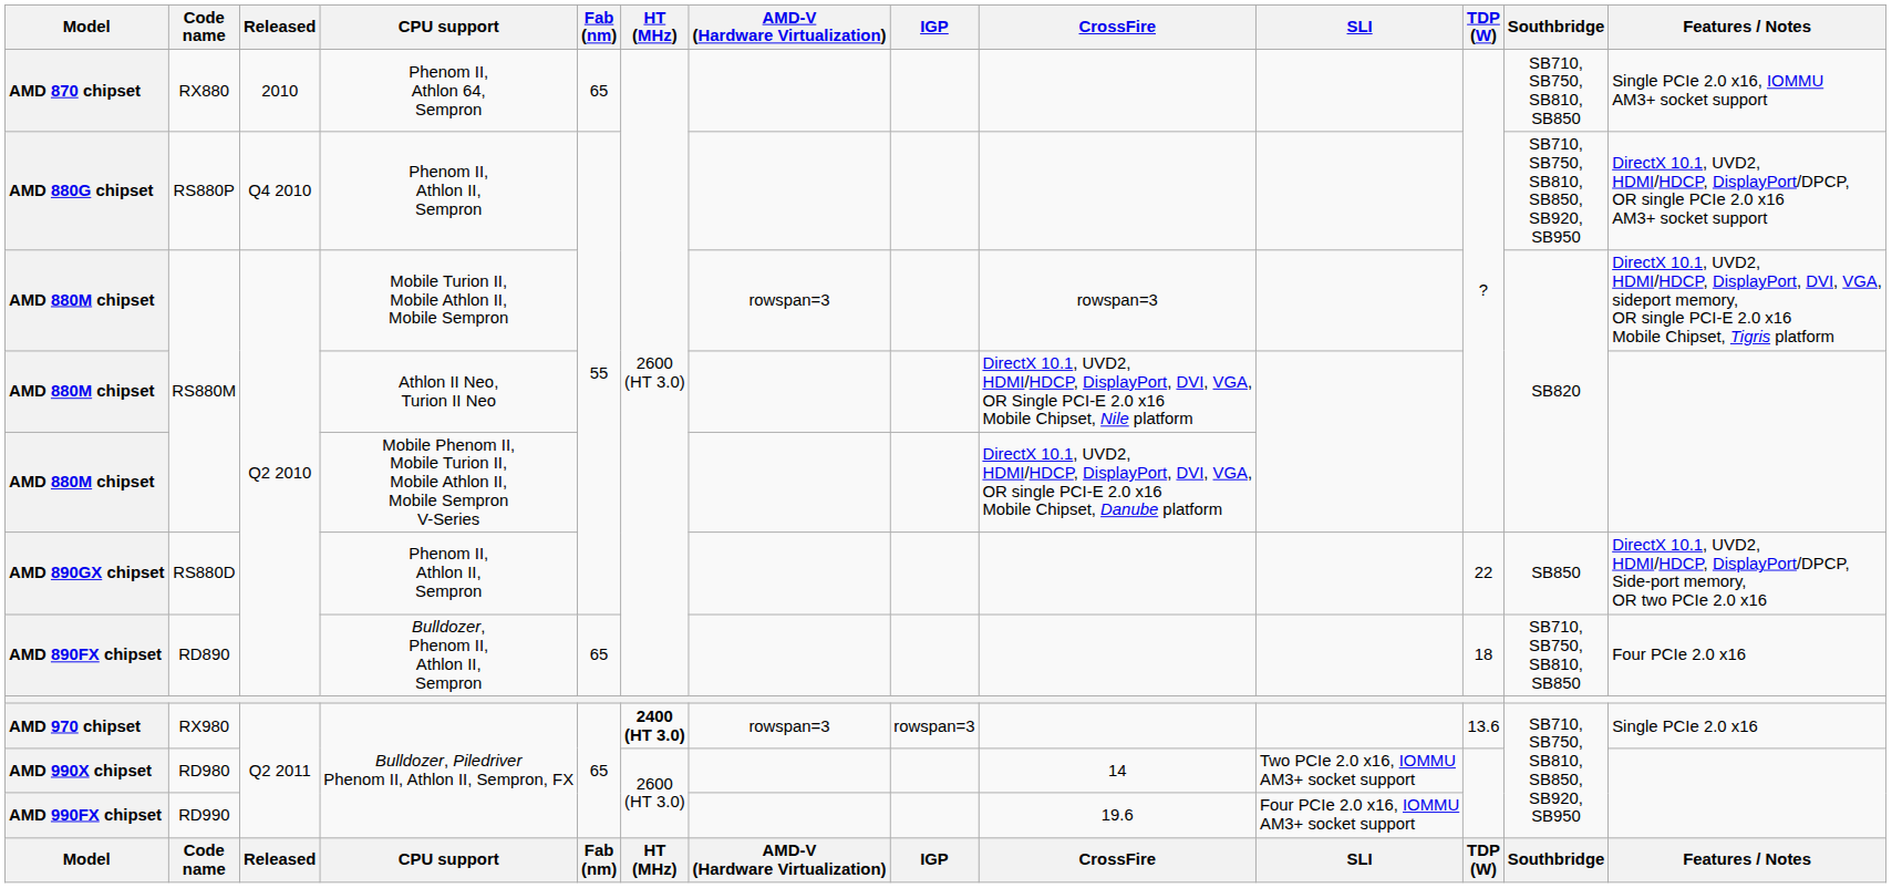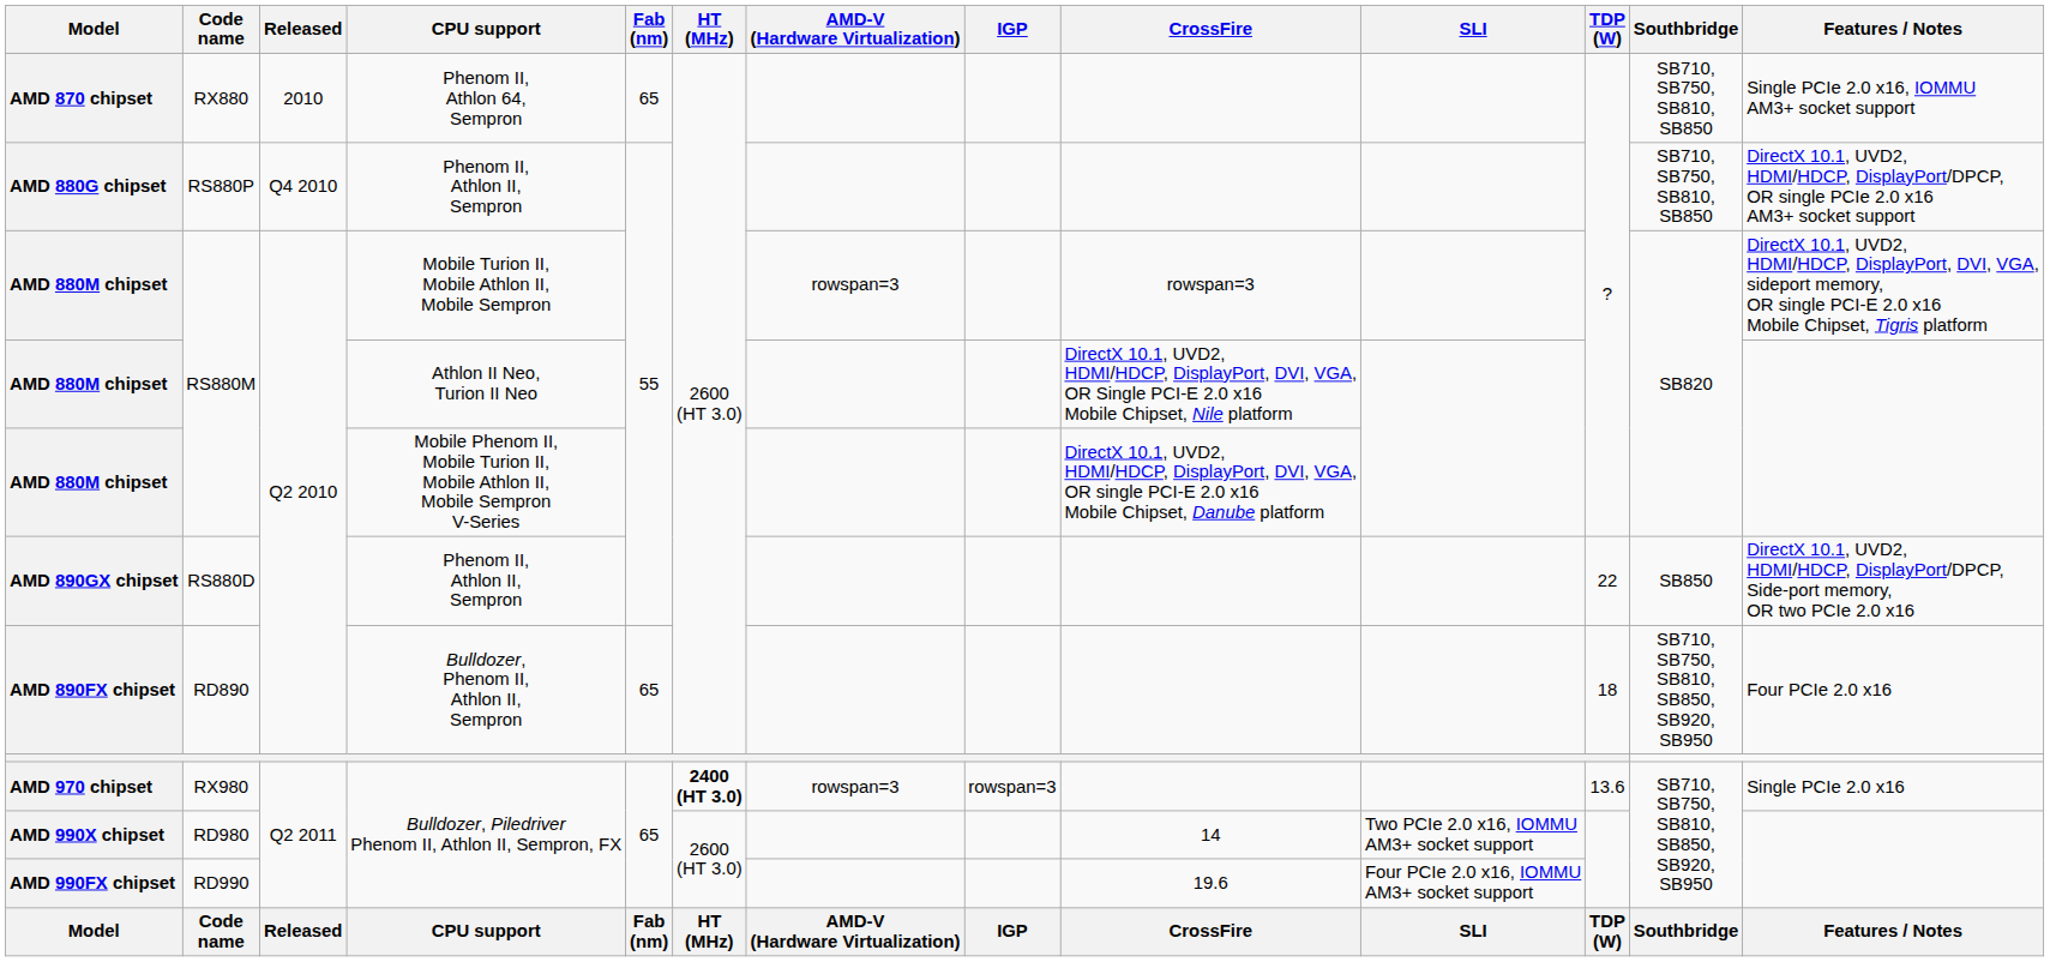 <table class="wikitable" style="text-align: center">
 <tr>
 <th>Model</th>
 <th>Code<br>name</th>
 <th>Released</th>
 <th>CPU support</th>
 <th><a href='#'>Fab</a><br>(<a href='#'>nm</a>)</th>
 <th><a href='#'>HT</a><br>(<a href='#'>MHz</a>)</th>
 <th><a href='#'>AMD-V</a><br>(<a href='#'>Hardware Virtualization</a>)</th>
 <th><a href='#'>IGP</a></th>
 <th><a href='#'>CrossFire</a></th>
 <th><a href='#'>SLI</a></th>
 <th><a href='#'>TDP</a><br>(<a href='#'>W</a>)</th>
 <th>Southbridge</th>
 <th>Features / Notes</th>
 </tr>
 <tr>
 <th style="text-align: left">AMD <a href='#'>870</a> chipset</th>
 <td>RX880</td>
 <td>2010</td>
 <td>Phenom II,<br>Athlon 64,<br>Sempron</td>
 <td>65</td>
 <td rowspan="7">2600<br>(HT 3.0)</td>
 <td></td>
 <td></td>
 <td></td>
 <td></td>
 <td rowspan="5">?</td>
 <td>SB710,<br>SB750,<br>SB810,<br>SB850</td>
 <td align="left">Single PCIe 2.0 x16, <a href='#'>IOMMU</a><br>AM3+ socket support</td>
 </tr>
 <tr>
 <th style="text-align: left">AMD <a href='#'>880G</a> chipset</th>
 <td>RS880P</td>
 <td>Q4 2010</td>
 <td>Phenom II,<br>Athlon II,<br>Sempron</td>
 <td rowspan="5">55</td>
 <td></td>
 <td></td>
 <td></td>
 <td></td>
-<td>SB710,<br>SB750,<br>SB810,<br>SB850,<br>SB920,<br>SB950</td>
+<td>SB710,<br>SB750,<br>SB810,<br>SB850</td>
 <td align="left"><a href='#'>DirectX 10.1</a>, UVD2,<br><a href='#'>HDMI</a>/<a href='#'>HDCP</a>, <a href='#'>DisplayPort</a>/DPCP,<br>OR single PCIe 2.0 x16<br>AM3+ socket support</td>
 </tr>
 <tr>
 <th style="text-align: left">AMD <a href='#'>880M</a> chipset</th>
 <td rowspan=3>RS880M</td>
 <td rowspan="5">Q2 2010</td>
 <td>Mobile Turion II,<br>Mobile Athlon II,<br>Mobile Sempron</td>
 <td>rowspan=3 </td>
 <td></td>
 <td>rowspan=3 </td>
 <td></td>
 <td rowspan=3>SB820</td>
 <td align="left"><a href='#'>DirectX 10.1</a>, UVD2,<br><a href='#'>HDMI</a>/<a href='#'>HDCP</a>, <a href='#'>DisplayPort</a>, <a href='#'>DVI</a>, <a href='#'>VGA</a>,<br>sideport memory,<br>OR single PCI-E 2.0 x16<br>Mobile Chipset, <a href='#'><em>Tigris</em></a> platform</td>
 </tr>
 <tr>
 <th style="text-align: left">AMD <a href='#'>880M</a> chipset</th>
 <td>Athlon II Neo,<br>Turion II Neo</td>
 <td></td>
 <td></td>
 <td align="left"><a href='#'>DirectX 10.1</a>, UVD2,<br><a href='#'>HDMI</a>/<a href='#'>HDCP</a>, <a href='#'>DisplayPort</a>, <a href='#'>DVI</a>, <a href='#'>VGA</a>,<br>OR Single PCI-E 2.0 x16<br>Mobile Chipset, <a href='#'><em>Nile</em></a> platform</td>
 </tr>
 <tr>
 <th style="text-align: left">AMD <a href='#'>880M</a> chipset</th>
 <td>Mobile Phenom II,<br>Mobile Turion II,<br>Mobile Athlon II,<br>Mobile Sempron<br>V-Series</td>
 <td></td>
 <td></td>
 <td align="left"><a href='#'>DirectX 10.1</a>, UVD2,<br><a href='#'>HDMI</a>/<a href='#'>HDCP</a>, <a href='#'>DisplayPort</a>, <a href='#'>DVI</a>, <a href='#'>VGA</a>,<br>OR single PCI-E 2.0 x16<br>Mobile Chipset, <a href='#'><em>Danube</em></a> platform</td>
 </tr>
 <tr>
 <th style="text-align: left">AMD <a href='#'>890GX</a> chipset</th>
 <td>RS880D</td>
 <td>Phenom II,<br>Athlon II,<br>Sempron</td>
 <td></td>
 <td></td>
 <td></td>
 <td></td>
 <td>22</td>
 <td>SB850</td>
 <td align="left"><a href='#'>DirectX 10.1</a>, UVD2,<br><a href='#'>HDMI</a>/<a href='#'>HDCP</a>, <a href='#'>DisplayPort</a>/DPCP,<br> Side-port memory,<br>OR two PCIe 2.0 x16</td>
 </tr>
 <tr>
 <th style="text-align: left">AMD <a href='#'>890FX</a> chipset</th>
 <td>RD890</td>
 <td><em>Bulldozer</em>,<br>Phenom II,<br>Athlon II,<br>Sempron</td>
 <td>65</td>
 <td></td>
 <td></td>
 <td></td>
 <td></td>
 <td>18</td>
-<td>SB710,<br>SB750,<br>SB810,<br>SB850</td>
+<td>SB710,<br>SB750,<br>SB810,<br>SB850,<br>SB920,<br>SB950</td>
 <td align="left">Four PCIe 2.0 x16</td>
 </tr>
 <tr>
 <th colspan=11></th>
 </tr>
 <tr>
 <th style="text-align: left">AMD <a href='#'>970</a> chipset</th>
 <td>RX980</td>
 <td rowspan=3>Q2 2011</td>
 <td rowspan=3><em>Bulldozer</em>, <em>Piledriver</em><br>Phenom II, Athlon II, Sempron, FX</td>
 <td rowspan=3>65</td>
 <td><strong>2400<br>(HT 3.0)</strong></td>
 <td>rowspan=3 </td>
 <td>rowspan=3 </td>
 <td></td>
 <td></td>
 <td>13.6</td>
 <td rowspan=3>SB710,<br>SB750,<br>SB810,<br>SB850,<br>SB920,<br> SB950</td>
 <td align="left">Single PCIe 2.0 x16</td>
 </tr>
 <tr>
 <th style="text-align: left">AMD <a href='#'>990X</a> chipset</th>
 <td>RD980</td>
 <td rowspan="2">2600<br>(HT 3.0)</td>
 <td></td>
 <td></td>
 <td>14</td>
 <td align="left">Two PCIe 2.0 x16, <a href='#'>IOMMU</a><br>AM3+ socket support</td>
 </tr>
 <tr>
 <th style="text-align: left">AMD <a href='#'>990FX</a> chipset</th>
 <td>RD990</td>
 <td></td>
 <td></td>
 <td>19.6</td>
 <td align="left">Four PCIe 2.0 x16, <a href='#'>IOMMU</a><br>AM3+ socket support</td>
 </tr>
 <tr>
 <th>Model</th>
 <th>Code<br>name</th>
 <th>Released</th>
 <th>CPU support</th>
 <th>Fab<br>(nm)</th>
 <th>HT<br>(MHz)</th>
 <th>AMD-V<br>(Hardware Virtualization)</th>
 <th>IGP</th>
 <th>CrossFire</th>
 <th>SLI</th>
 <th>TDP<br>(W)</th>
 <th>Southbridge</th>
 <th>Features / Notes</th>
 </tr>
 </table>
